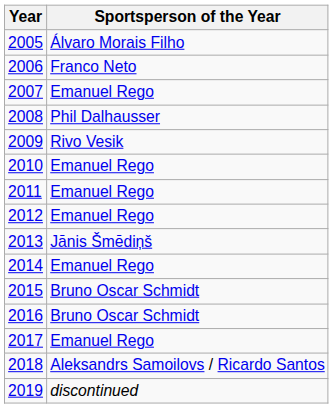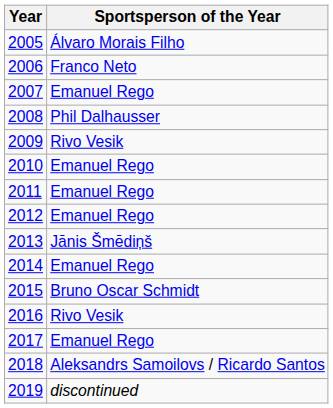 <table class="wikitable sortable" style="display:inline-table;">
 <tr>
 <th>Year</th>
 <th>Sportsperson of the Year</th>
 </tr>
 <tr>
 <td><a href='#'>2005</a></td>
 <td> <a href='#'>Álvaro Morais Filho</a></td>
 </tr>
 <tr>
 <td><a href='#'>2006</a></td>
 <td> <a href='#'>Franco Neto</a> </td>
 </tr>
 <tr>
 <td><a href='#'>2007</a></td>
 <td> <a href='#'>Emanuel Rego</a> </td>
 </tr>
 <tr>
 <td><a href='#'>2008</a></td>
 <td> <a href='#'>Phil Dalhausser</a></td>
 </tr>
 <tr>
 <td><a href='#'>2009</a></td>
 <td> <a href='#'>Rivo Vesik</a></td>
 </tr>
 <tr>
 <td><a href='#'>2010</a></td>
 <td> <a href='#'>Emanuel Rego</a> </td>
 </tr>
 <tr>
 <td><a href='#'>2011</a></td>
 <td> <a href='#'>Emanuel Rego</a> </td>
 </tr>
 <tr>
 <td><a href='#'>2012</a></td>
 <td> <a href='#'>Emanuel Rego</a> </td>
 </tr>
 <tr>
 <td><a href='#'>2013</a></td>
 <td> <a href='#'>Jānis Šmēdiņš</a></td>
 </tr>
 <tr>
 <td><a href='#'>2014</a></td>
 <td> <a href='#'>Emanuel Rego</a> </td>
 </tr>
 <tr>
 <td><a href='#'>2015</a></td>
 <td> <a href='#'>Bruno Oscar Schmidt</a> </td>
 </tr>
 <tr>
 <td><a href='#'>2016</a></td>
-<td> <a href='#'>Bruno Oscar Schmidt</a> </td>
+<td> <a href='#'>Rivo Vesik</a></td>
 </tr>
 <tr>
 <td><a href='#'>2017</a></td>
 <td> <a href='#'>Emanuel Rego</a> </td>
 </tr>
 <tr>
 <td><a href='#'>2018</a></td>
 <td> <a href='#'>Aleksandrs Samoilovs</a> /  <a href='#'>Ricardo Santos</a></td>
 </tr>
 <tr>
 <td><a href='#'>2019</a></td>
 <td><em>discontinued</em></td>
 </tr>
 </table>
